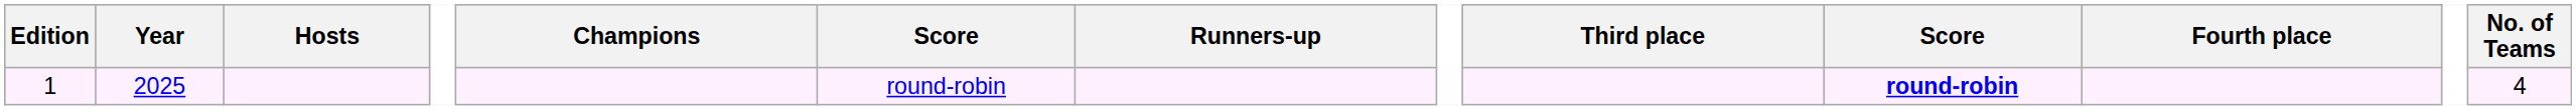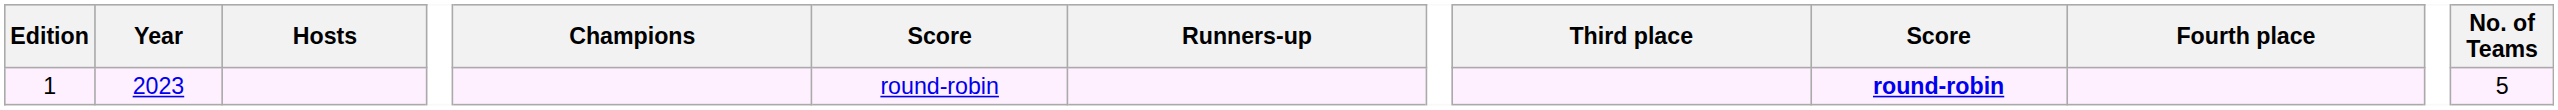 <table class="wikitable" style="text-align:center;width:100%; font-size:90%;">
 <tr>
 <th width=2%>Edition</th>
 <th width=5%>Year</th>
 <th width=8%>Hosts</th>
 <td rowspan="5" style="width:1%;background:#fff;border-top-style:hidden;border-bottom-style:hidden;"></td>
 <th style="width:14%;">Champions</th>
 <th width=10%>Score</th>
 <th style="width:14%;">Runners-up</th>
 <td rowspan="5" style="width:1%;background:#fff;border-top-style:hidden;border-bottom-style:hidden;"></td>
 <th style="width:14%;">Third place</th>
 <th width=10%>Score</th>
 <th style="width:14%;">Fourth place</th>
 <td rowspan="5" style="width:1%;background:#fff;border-top-style:hidden;border-bottom-style:hidden;"></td>
 <th width=4%>No. of Teams</th>
 </tr>
 <tr align="centre" bgcolor="#fff0ff">
 <td>1</td>
-<td><a href='#'>2025</a></td>
+<td><a href='#'>2023</a></td>
 <td align="left"></td>
 <td><strong></strong></td>
 <td><a href='#'>round-robin</a></td>
 <td></td>
 <td></td>
 <td><strong><a href='#'>round-robin</a></strong></td>
 <td></td>
-<td>4</td>
+<td>5</td>
 </tr>
 </table>
